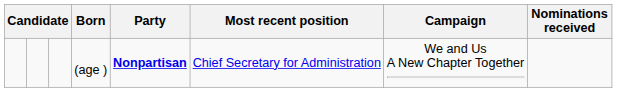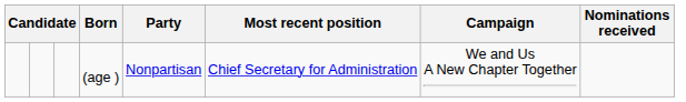 <table class="wikitable sortable" style="text-align:center;">
 <tr>
 <th colspan=3>Candidate</th>
 <th>Born</th>
 <th>Party</th>
 <th>Most recent position</th>
 <th data-sort-type="date">Campaign</th>
 <th width=100px>Nominations<br>received</th>
 </tr>
 <tr>
 <td bgcolor=></td>
 <td></td>
 <td><strong></strong><br></td>
 <td><br>(age )</td>
-<td><strong><a href='#'>Nonpartisan</a><br></strong></td>
+<td><a href='#'>Nonpartisan</a><br></td>
 <td><a href='#'>Chief Secretary for Administration</a><br></td>
 <td>We and Us<br>A New Chapter Together<hr></td>
 <td></td>
 </tr>
 </table>
